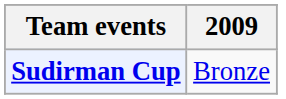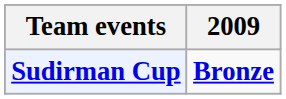 <table class="wikitable" style="font-size: 90%; text-align:center">
 <tr>
 <th>Team events</th>
 <th>2009</th>
 </tr>
 <tr>
 <td bgcolor="#ECF2FF"; align="left"><strong><a href='#'>Sudirman Cup</a></strong></td>
-<td> <a href='#'>Bronze</a></td>
+<td><strong> <a href='#'>Bronze</a></strong></td>
 </tr>
 </table>
